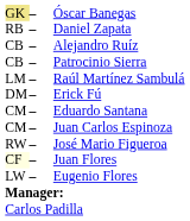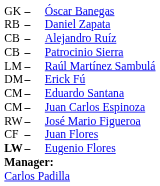 <table style="font-size: 90%" cellspacing="0" cellpadding="0" align="center">
 <tr>
 <td colspan=4></td>
 </tr>
 <tr>
 <th width="25"></th>
 <th width="25"></th>
 </tr>
 <tr>
-<td style="background: khaki;">GK</td>
+<td>GK</td>
 <td><strong>–</strong></td>
 <td> <a href='#'>Óscar Banegas</a></td>
 </tr>
 <tr>
 <td>RB</td>
 <td><strong>–</strong></td>
 <td> <a href='#'>Daniel Zapata</a></td>
 </tr>
 <tr>
 <td>CB</td>
 <td><strong>–</strong></td>
 <td> <a href='#'>Alejandro Ruíz</a></td>
 </tr>
 <tr>
 <td>CB</td>
 <td><strong>–</strong></td>
 <td> <a href='#'>Patrocinio Sierra</a></td>
 </tr>
 <tr>
 <td>LM</td>
 <td><strong>–</strong></td>
 <td> <a href='#'>Raúl Martínez Sambulá</a></td>
 </tr>
 <tr>
 <td>DM</td>
 <td><strong>–</strong></td>
 <td> <a href='#'>Erick Fú</a></td>
 </tr>
 <tr>
 <td>CM</td>
 <td><strong>–</strong></td>
 <td> <a href='#'>Eduardo Santana</a></td>
 </tr>
 <tr>
 <td>CM</td>
 <td><strong>–</strong></td>
 <td> <a href='#'>Juan Carlos Espinoza</a></td>
 </tr>
 <tr>
 <td>RW</td>
 <td><strong>–</strong></td>
 <td> <a href='#'>José Mario Figueroa</a></td>
 </tr>
 <tr>
-<td style="background: lightyellow;">CF</td>
+<td>CF</td>
 <td><strong>–</strong></td>
 <td> <a href='#'>Juan Flores</a></td>
 </tr>
 <tr>
-<td>LW</td>
+<td><strong>LW</strong></td>
 <td><strong>–</strong></td>
 <td> <a href='#'>Eugenio Flores</a></td>
 </tr>
 <tr>
 <td colspan=3><strong>Manager:</strong></td>
 </tr>
 <tr>
 <td colspan=3> <a href='#'>Carlos Padilla</a></td>
 </tr>
 </table>
